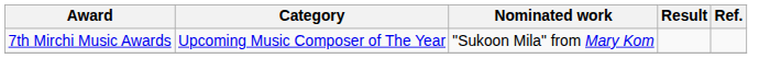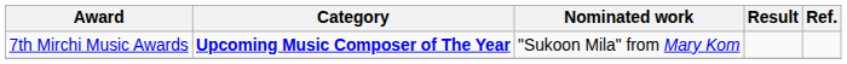 <table class="wikitable sortable">
 <tr>
 <th>Award</th>
 <th>Category</th>
 <th>Nominated work</th>
 <th>Result</th>
 <th>Ref.</th>
 </tr>
 <tr>
 <td><a href='#'>7th Mirchi Music Awards</a></td>
-<td><a href='#'>Upcoming Music Composer of The Year</a></td>
+<td><strong><a href='#'>Upcoming Music Composer of The Year</a></strong></td>
 <td>"Sukoon Mila" from <em><a href='#'>Mary Kom</a></em></td>
 <td></td>
 <td></td>
 </tr>
 <tr>
 </tr>
 </table>
